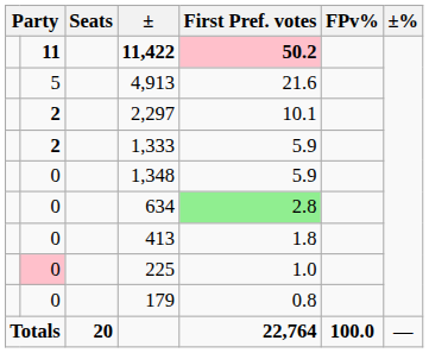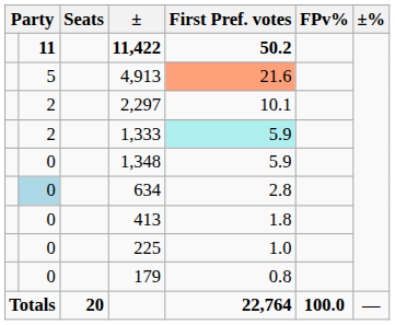 <table class=wikitable>
 <tr>
 <th colspan=2 align=center>Party</th>
 <th valign=top>Seats</th>
 <th valign=top>±</th>
 <th valign=top>First Pref. votes</th>
 <th valign=top>FPv%</th>
 <th valign=top>±%</th>
 </tr>
 <tr>
 <td></td>
 <td align=right><strong>11</strong></td>
 <td align=right></td>
 <td align=right><strong>11,422</strong></td>
-<td align=right style="background: pink;"><strong>50.2</strong></td>
+<td align=right><strong>50.2</strong></td>
 <td align=right></td>
 </tr>
 <tr>
 <td></td>
 <td align=right>5</td>
 <td align=right></td>
 <td align=right>4,913</td>
-<td align=right>21.6</td>
+<td align=right style="background: lightsalmon;">21.6</td>
 <td align=right></td>
 </tr>
 <tr>
 <td></td>
-<td align=right><strong>2</strong></td>
+<td align=right>2</td>
 <td align=right></td>
 <td align=right>2,297</td>
 <td align=right>10.1</td>
 <td align=right></td>
 </tr>
 <tr>
 <td></td>
-<td align=right><strong>2</strong></td>
+<td align=right>2</td>
 <td align=right></td>
 <td align=right>1,333</td>
-<td align=right>5.9</td>
+<td align=right style="background: paleturquoise;">5.9</td>
 <td align=right></td>
 </tr>
 <tr>
 <td></td>
 <td align=right>0</td>
 <td align=right></td>
 <td align=right>1,348</td>
 <td align=right>5.9</td>
 <td align=right></td>
 </tr>
 <tr>
 <td></td>
-<td align=right>0</td>
+<td align=right style="background: lightblue;">0</td>
 <td align=right></td>
 <td align=right>634</td>
-<td align=right style="background: lightgreen;">2.8</td>
+<td align=right>2.8</td>
 <td align=right></td>
 </tr>
 <tr>
 <td></td>
 <td align=right>0</td>
 <td align=right></td>
 <td align=right>413</td>
 <td align=right>1.8</td>
 <td align=right></td>
 </tr>
 <tr>
 <td></td>
-<td align=right style="background: pink;">0</td>
+<td align=right>0</td>
 <td align=right></td>
 <td align=right>225</td>
 <td align=right>1.0</td>
 <td align=right></td>
 </tr>
 <tr>
 <td></td>
 <td align=right>0</td>
 <td align=right></td>
 <td align=right>179</td>
 <td align=right>0.8</td>
 <td align=right></td>
 </tr>
 <tr>
 <td colspan=2 align=center><strong>Totals</strong></td>
 <td align=right><strong>20</strong></td>
 <td align=center></td>
 <td align=right><strong>22,764</strong></td>
 <td align=center><strong>100.0</strong></td>
 <td align=center>—</td>
 </tr>
 </table>
